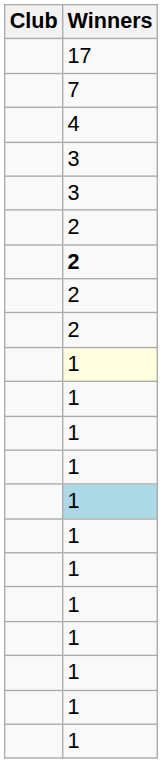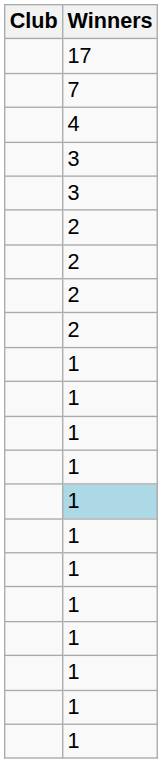 <table class="sortable wikitable">
 <tr>
 <th>Club</th>
 <th>Winners</th>
 </tr>
 <tr>
 <td></td>
 <td>17</td>
 </tr>
 <tr>
 <td></td>
 <td>7</td>
 </tr>
 <tr>
 <td></td>
 <td>4</td>
 </tr>
 <tr>
 <td></td>
 <td>3</td>
 </tr>
 <tr>
 <td></td>
 <td>3</td>
 </tr>
 <tr>
 <td></td>
 <td>2</td>
 </tr>
 <tr>
 <td></td>
-<td><strong>2</strong></td>
+<td>2</td>
 </tr>
 <tr>
 <td></td>
 <td>2</td>
 </tr>
 <tr>
 <td></td>
 <td>2</td>
 </tr>
 <tr>
 <td></td>
-<td style="background: lightyellow;">1</td>
+<td>1</td>
 </tr>
 <tr>
 <td></td>
 <td>1</td>
 </tr>
 <tr>
 <td></td>
 <td>1</td>
 </tr>
 <tr>
 <td></td>
 <td>1</td>
 </tr>
 <tr>
 <td></td>
 <td style="background: lightblue;">1</td>
 </tr>
 <tr>
 <td></td>
 <td>1</td>
 </tr>
 <tr>
 <td></td>
 <td>1</td>
 </tr>
 <tr>
 <td></td>
 <td>1</td>
 </tr>
 <tr>
 <td></td>
 <td>1</td>
 </tr>
 <tr>
 <td></td>
 <td>1</td>
 </tr>
 <tr>
 <td></td>
 <td>1</td>
 </tr>
 <tr>
 <td></td>
 <td>1</td>
 </tr>
 </table>
